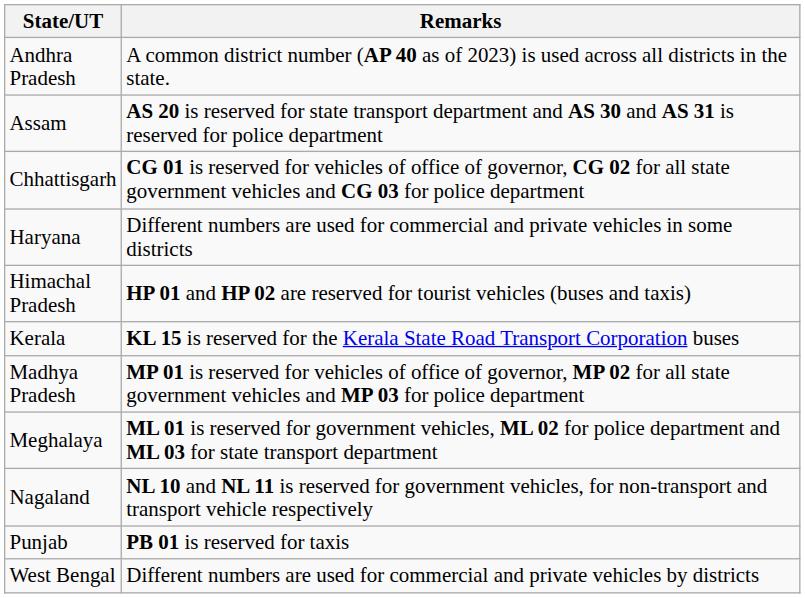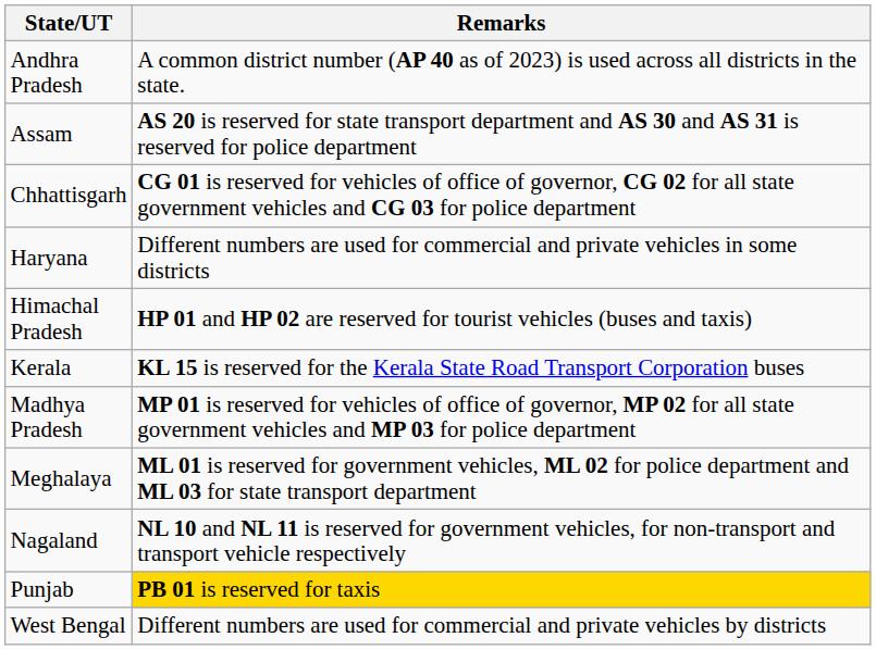 <table class="wikitable mw-collapsible mw-collapsed ">
 <tr>
 <th scope="col" style="width: 80px;">State/UT</th>
 <th scope="col">Remarks</th>
 </tr>
 <tr>
 <td>Andhra Pradesh</td>
 <td>A common district number (<strong>AP 40</strong> as of 2023) is used across all districts in the state.</td>
 </tr>
 <tr>
 <td>Assam</td>
 <td><strong>AS 20</strong> is reserved for state transport department and <strong>AS 30</strong> and <strong>AS 31</strong> is reserved for police department</td>
 </tr>
 <tr>
 <td>Chhattisgarh</td>
 <td><strong>CG 01</strong> is reserved for vehicles of office of governor, <strong>CG 02</strong> for all state government vehicles and <strong>CG 03</strong> for police department</td>
 </tr>
 <tr>
 <td>Haryana</td>
 <td>Different numbers are used for commercial and private vehicles in some districts</td>
 </tr>
 <tr>
 <td>Himachal Pradesh</td>
 <td><strong>HP 01</strong> and <strong>HP 02</strong> are reserved for tourist vehicles (buses and taxis)</td>
 </tr>
 <tr>
 <td>Kerala</td>
 <td><strong>KL 15</strong> is reserved for the <a href='#'>Kerala State Road Transport Corporation</a> buses</td>
 </tr>
 <tr>
 <td>Madhya Pradesh</td>
 <td><strong>MP 01</strong> is reserved for vehicles of office of governor, <strong>MP 02</strong> for all state government vehicles and <strong>MP 03</strong> for police department</td>
 </tr>
 <tr>
 <td>Meghalaya</td>
 <td><strong>ML 01</strong> is reserved for government vehicles, <strong>ML 02</strong> for police department and <strong>ML 03</strong> for state transport department</td>
 </tr>
 <tr>
 <td>Nagaland</td>
 <td><strong>NL 10</strong> and <strong>NL 11</strong> is reserved for government vehicles, for non-transport and transport vehicle respectively</td>
 </tr>
 <tr>
 <td>Punjab</td>
-<td><strong>PB 01</strong> is reserved for taxis</td>
+<td style="background: gold;"><strong>PB 01</strong> is reserved for taxis</td>
 </tr>
 <tr>
 <td>West Bengal</td>
 <td>Different numbers are used for commercial and private vehicles by districts</td>
 </tr>
 </table>
